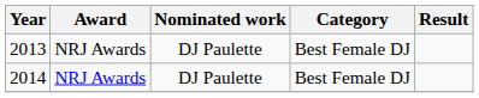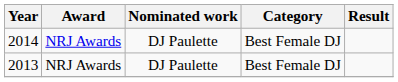 <table class="wikitable plainrowheaders" style="text-align:center;">
 <tr>
 <th>Year</th>
 <th>Award</th>
 <th>Nominated work</th>
 <th>Category</th>
 <th>Result</th>
 </tr>
 <tr>
+<td rowspan="1">2014</td>
+<td rowspan="1"><a href='#'>NRJ Awards</a></td>
+<td>DJ Paulette</td>
+<td>Best Female DJ</td>
+<td></td>
+</tr>
+<tr>
 <td rowspan="1">2013</td>
 <td rowspan="1">NRJ Awards</td>
 <td>DJ Paulette</td>
 <td>Best Female DJ</td>
 <td></td>
 </tr>
 <tr>
-<td rowspan="1">2014</td>
-<td rowspan="1"><a href='#'>NRJ Awards</a></td>
-<td>DJ Paulette</td>
-<td>Best Female DJ</td>
-<td></td>
-</tr>
-<tr>
 </tr>
 </table>
